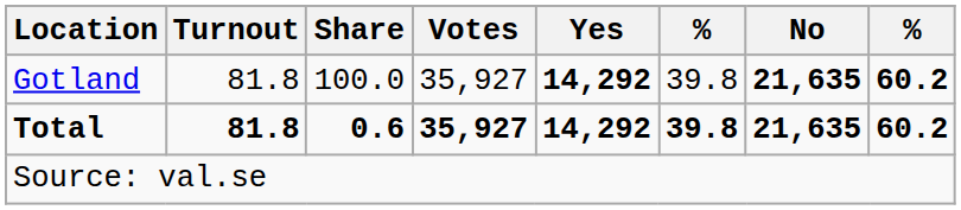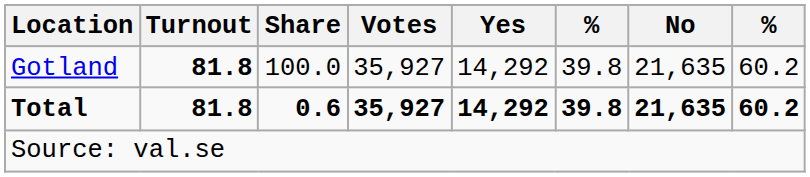 <table class="wikitable sortable" style=text-align:right>
 <tr>
 <th>Location</th>
 <th>Turnout</th>
 <th>Share</th>
 <th>Votes</th>
 <th>Yes</th>
 <th>%</th>
 <th>No</th>
 <th>%</th>
 </tr>
 <tr>
 <td align=left><a href='#'>Gotland</a></td>
-<td>81.8</td>
+<td><strong>81.8</strong></td>
 <td>100.0</td>
 <td>35,927</td>
-<td><strong>14,292</strong></td>
+<td>14,292</td>
 <td>39.8</td>
-<td><strong>21,635</strong></td>
-<td><strong>60.2</strong></td>
+<td>21,635</td>
+<td>60.2</td>
 </tr>
 <tr>
 <td align=left><strong>Total</strong></td>
 <td><strong>81.8</strong></td>
 <td><strong>0.6</strong></td>
 <td><strong>35,927</strong></td>
 <td><strong>14,292</strong></td>
 <td><strong>39.8</strong></td>
 <td><strong>21,635</strong></td>
 <td><strong>60.2</strong></td>
 </tr>
 <tr>
 <td align=left colspan=8>Source: val.se </td>
 </tr>
 </table>
